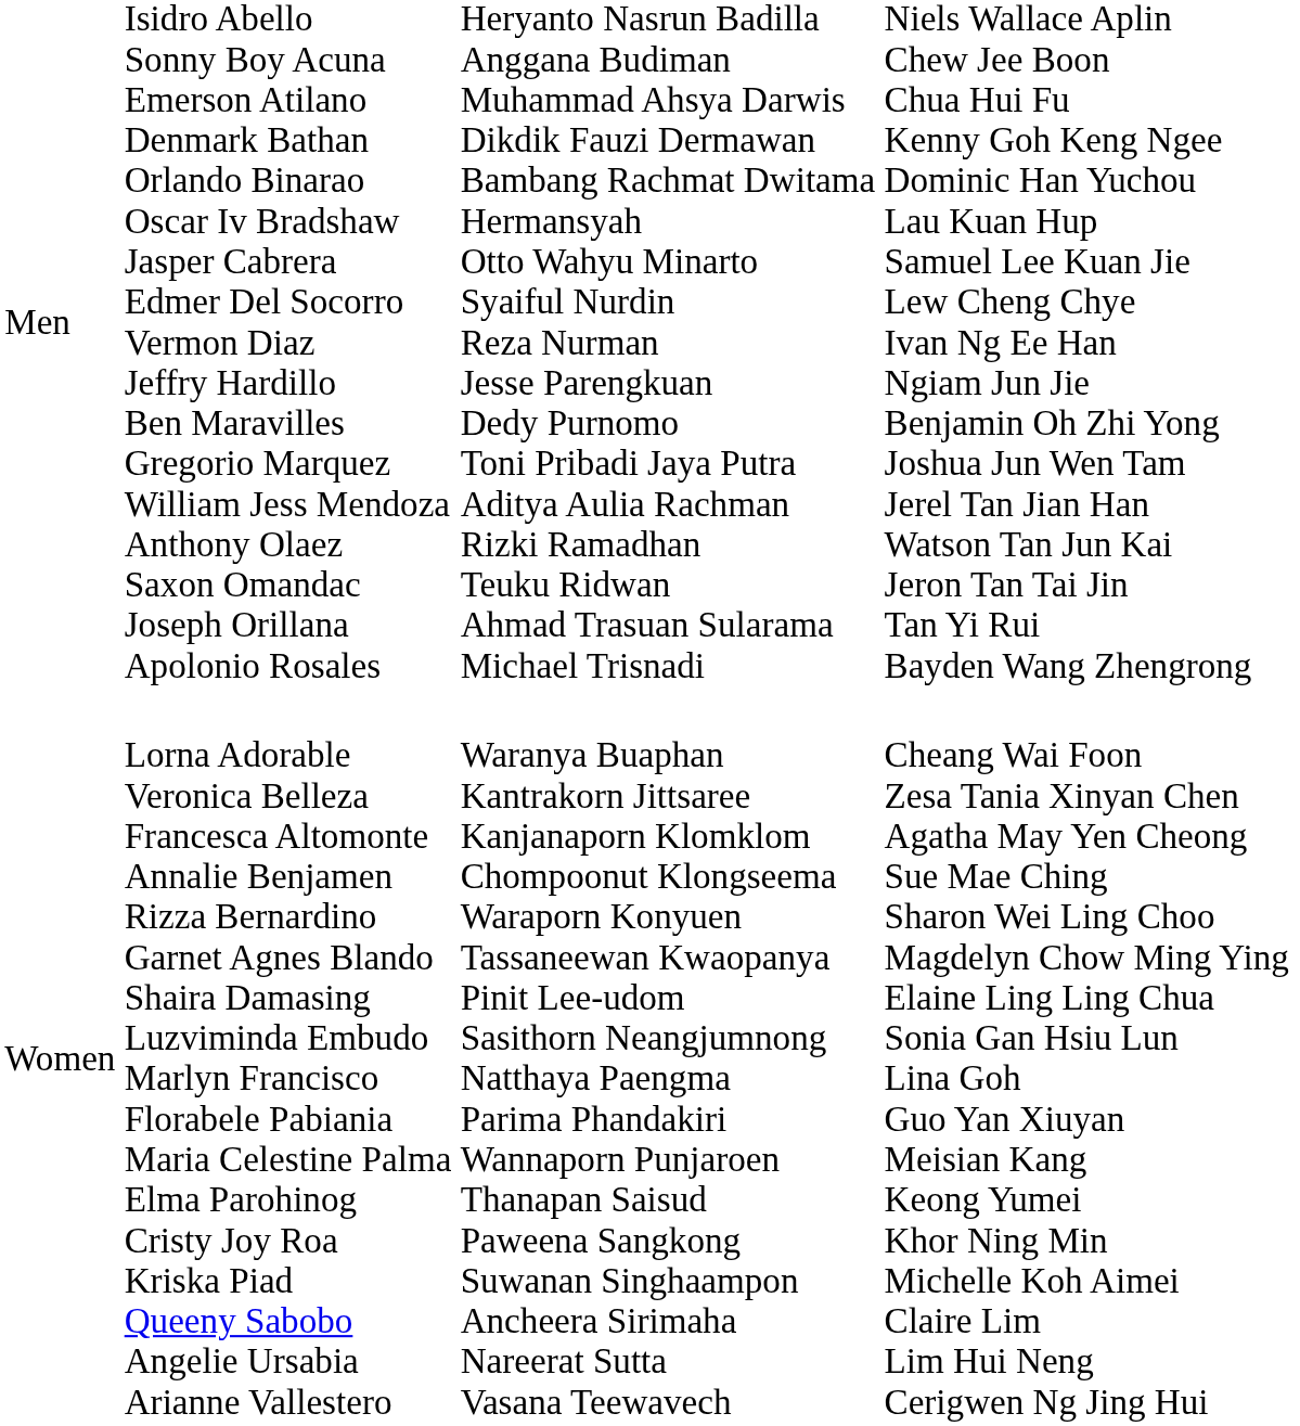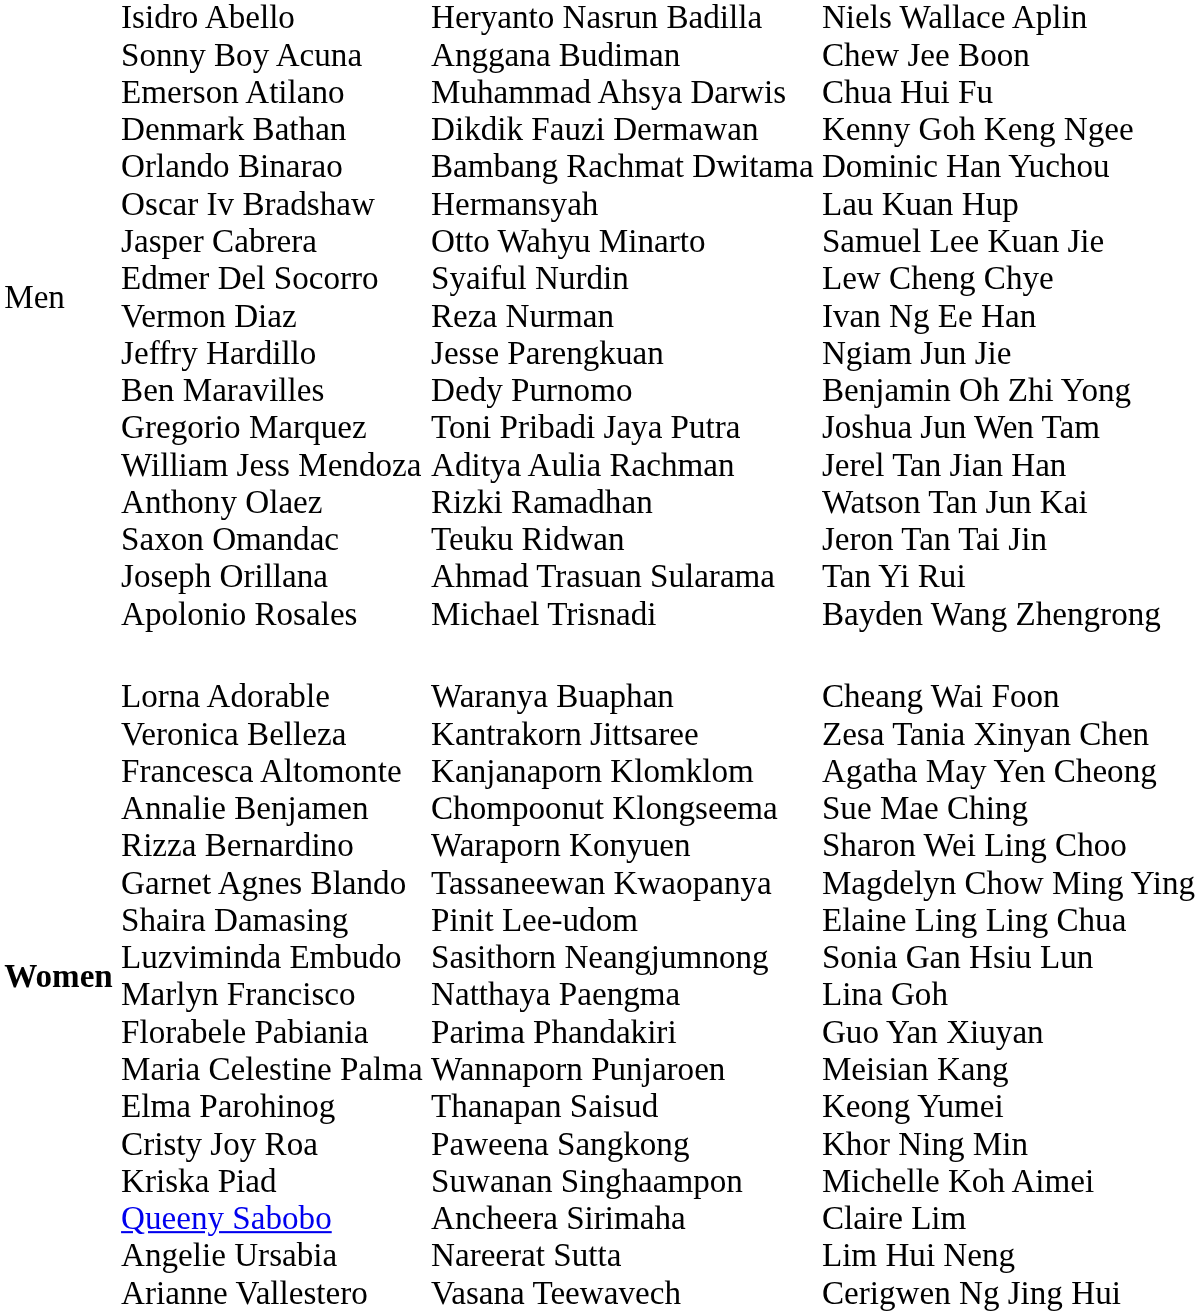 <table>
 <tr>
 <td>Men<br></td>
 <td><span><br>Isidro Abello<br>Sonny Boy Acuna<br>Emerson Atilano<br>Denmark Bathan<br>Orlando Binarao<br>Oscar Iv Bradshaw<br>Jasper Cabrera<br>Edmer Del Socorro<br>Vermon Diaz<br>Jeffry Hardillo<br>Ben Maravilles<br>Gregorio Marquez<br>William Jess Mendoza<br>Anthony Olaez<br>Saxon Omandac<br>Joseph Orillana<br>Apolonio Rosales</span></td>
 <td><span><br>Heryanto Nasrun Badilla<br>Anggana Budiman<br>Muhammad Ahsya Darwis<br>Dikdik Fauzi Dermawan<br>Bambang Rachmat Dwitama<br>Hermansyah<br>Otto Wahyu Minarto<br>Syaiful Nurdin<br>Reza Nurman<br>Jesse Parengkuan<br>Dedy Purnomo<br>Toni Pribadi Jaya Putra<br>Aditya Aulia Rachman<br>Rizki Ramadhan<br>Teuku Ridwan<br>Ahmad Trasuan Sularama<br>Michael Trisnadi</span></td>
 <td><span><br>Niels Wallace Aplin<br>Chew Jee Boon<br>Chua Hui Fu<br>Kenny Goh Keng Ngee<br>Dominic Han Yuchou<br>Lau Kuan Hup<br>Samuel Lee Kuan Jie<br>Lew Cheng Chye<br>Ivan Ng Ee Han<br>Ngiam Jun Jie<br>Benjamin Oh Zhi Yong<br>Joshua Jun Wen Tam<br>Jerel Tan Jian Han<br>Watson Tan Jun Kai<br>Jeron Tan Tai Jin<br>Tan Yi Rui<br>Bayden Wang Zhengrong</span></td>
 </tr>
 <tr>
-<td>Women<br></td>
+<td><strong>Women<br></strong></td>
 <td><span><br>Lorna Adorable<br>Veronica Belleza<br>Francesca Altomonte<br>Annalie Benjamen<br>Rizza Bernardino<br>Garnet Agnes Blando<br>Shaira Damasing<br>Luzviminda Embudo<br>Marlyn Francisco<br>Florabele Pabiania<br>Maria Celestine Palma<br>Elma Parohinog<br>Cristy Joy Roa<br>Kriska Piad<br><a href='#'>Queeny Sabobo</a><br>Angelie Ursabia<br>Arianne Vallestero</span></td>
 <td><span><br>Waranya Buaphan<br>Kantrakorn Jittsaree<br>Kanjanaporn Klomklom<br>Chompoonut Klongseema<br>Waraporn Konyuen<br>Tassaneewan Kwaopanya<br>Pinit Lee-udom<br>Sasithorn Neangjumnong<br>Natthaya Paengma<br>Parima Phandakiri<br>Wannaporn Punjaroen<br>Thanapan Saisud<br>Paweena Sangkong<br>Suwanan Singhaampon<br>Ancheera Sirimaha<br>Nareerat Sutta<br>Vasana Teewavech</span></td>
 <td><span><br>Cheang Wai Foon<br>Zesa Tania Xinyan Chen<br>Agatha May Yen Cheong<br>Sue Mae Ching<br>Sharon Wei Ling Choo<br>Magdelyn Chow Ming Ying<br>Elaine Ling Ling Chua<br>Sonia Gan Hsiu Lun<br>Lina Goh<br>Guo Yan Xiuyan<br>Meisian Kang<br>Keong Yumei<br>Khor Ning Min<br>Michelle Koh Aimei<br>Claire Lim<br>Lim Hui Neng<br>Cerigwen Ng Jing Hui</span></td>
 </tr>
 </table>
